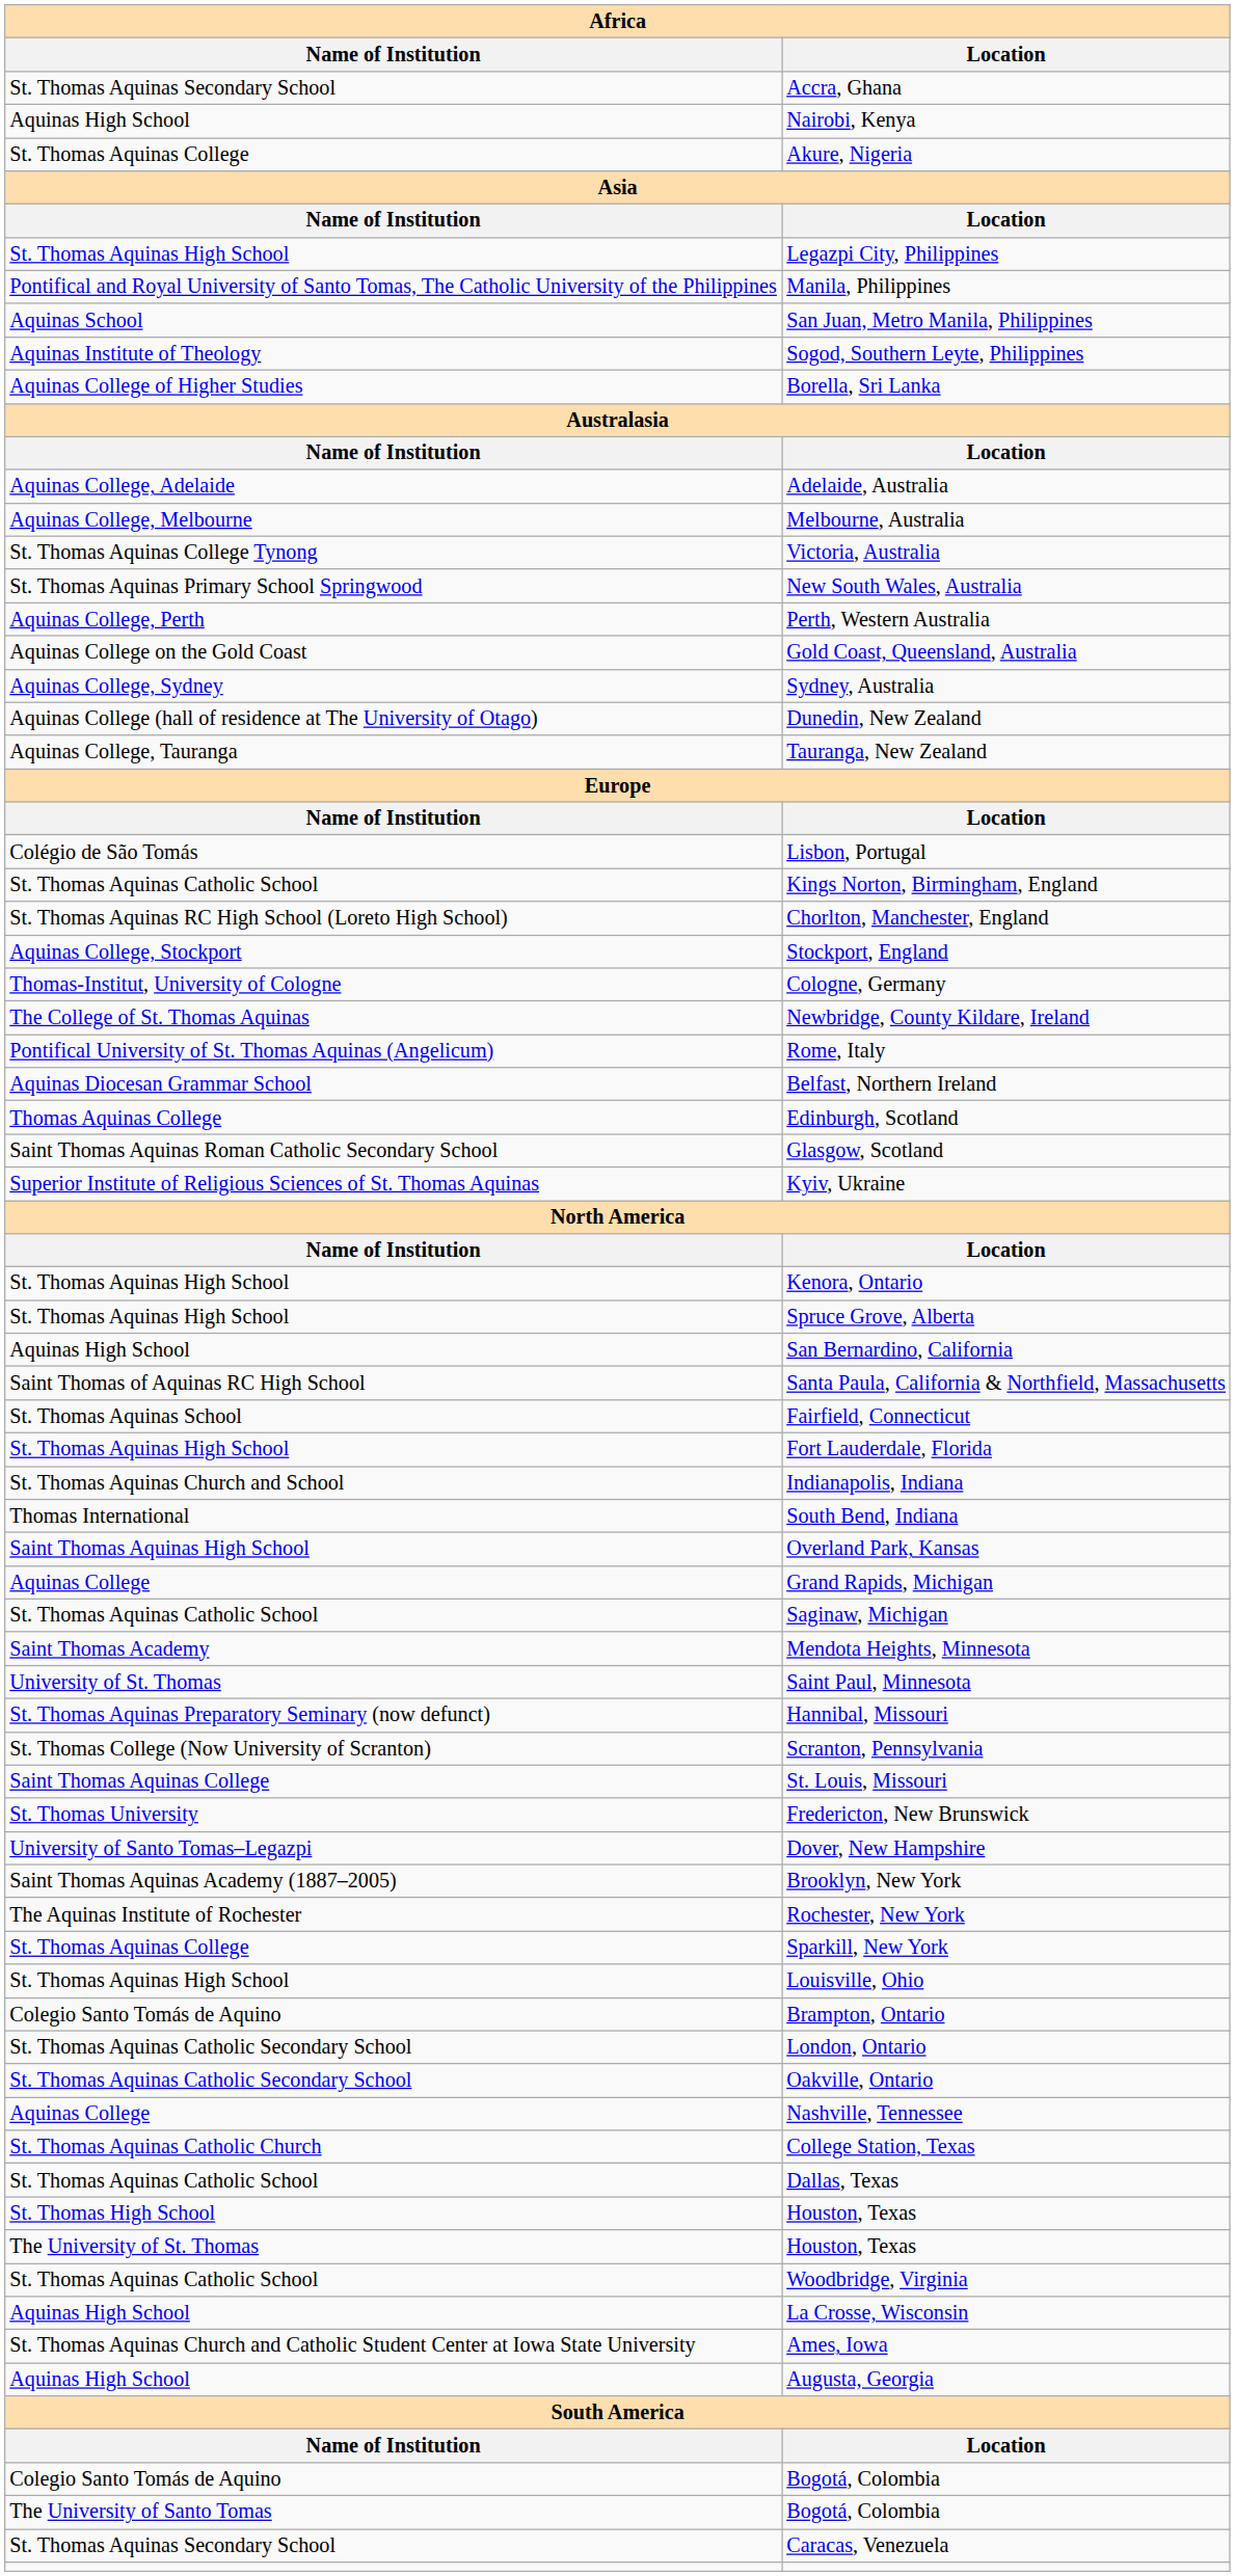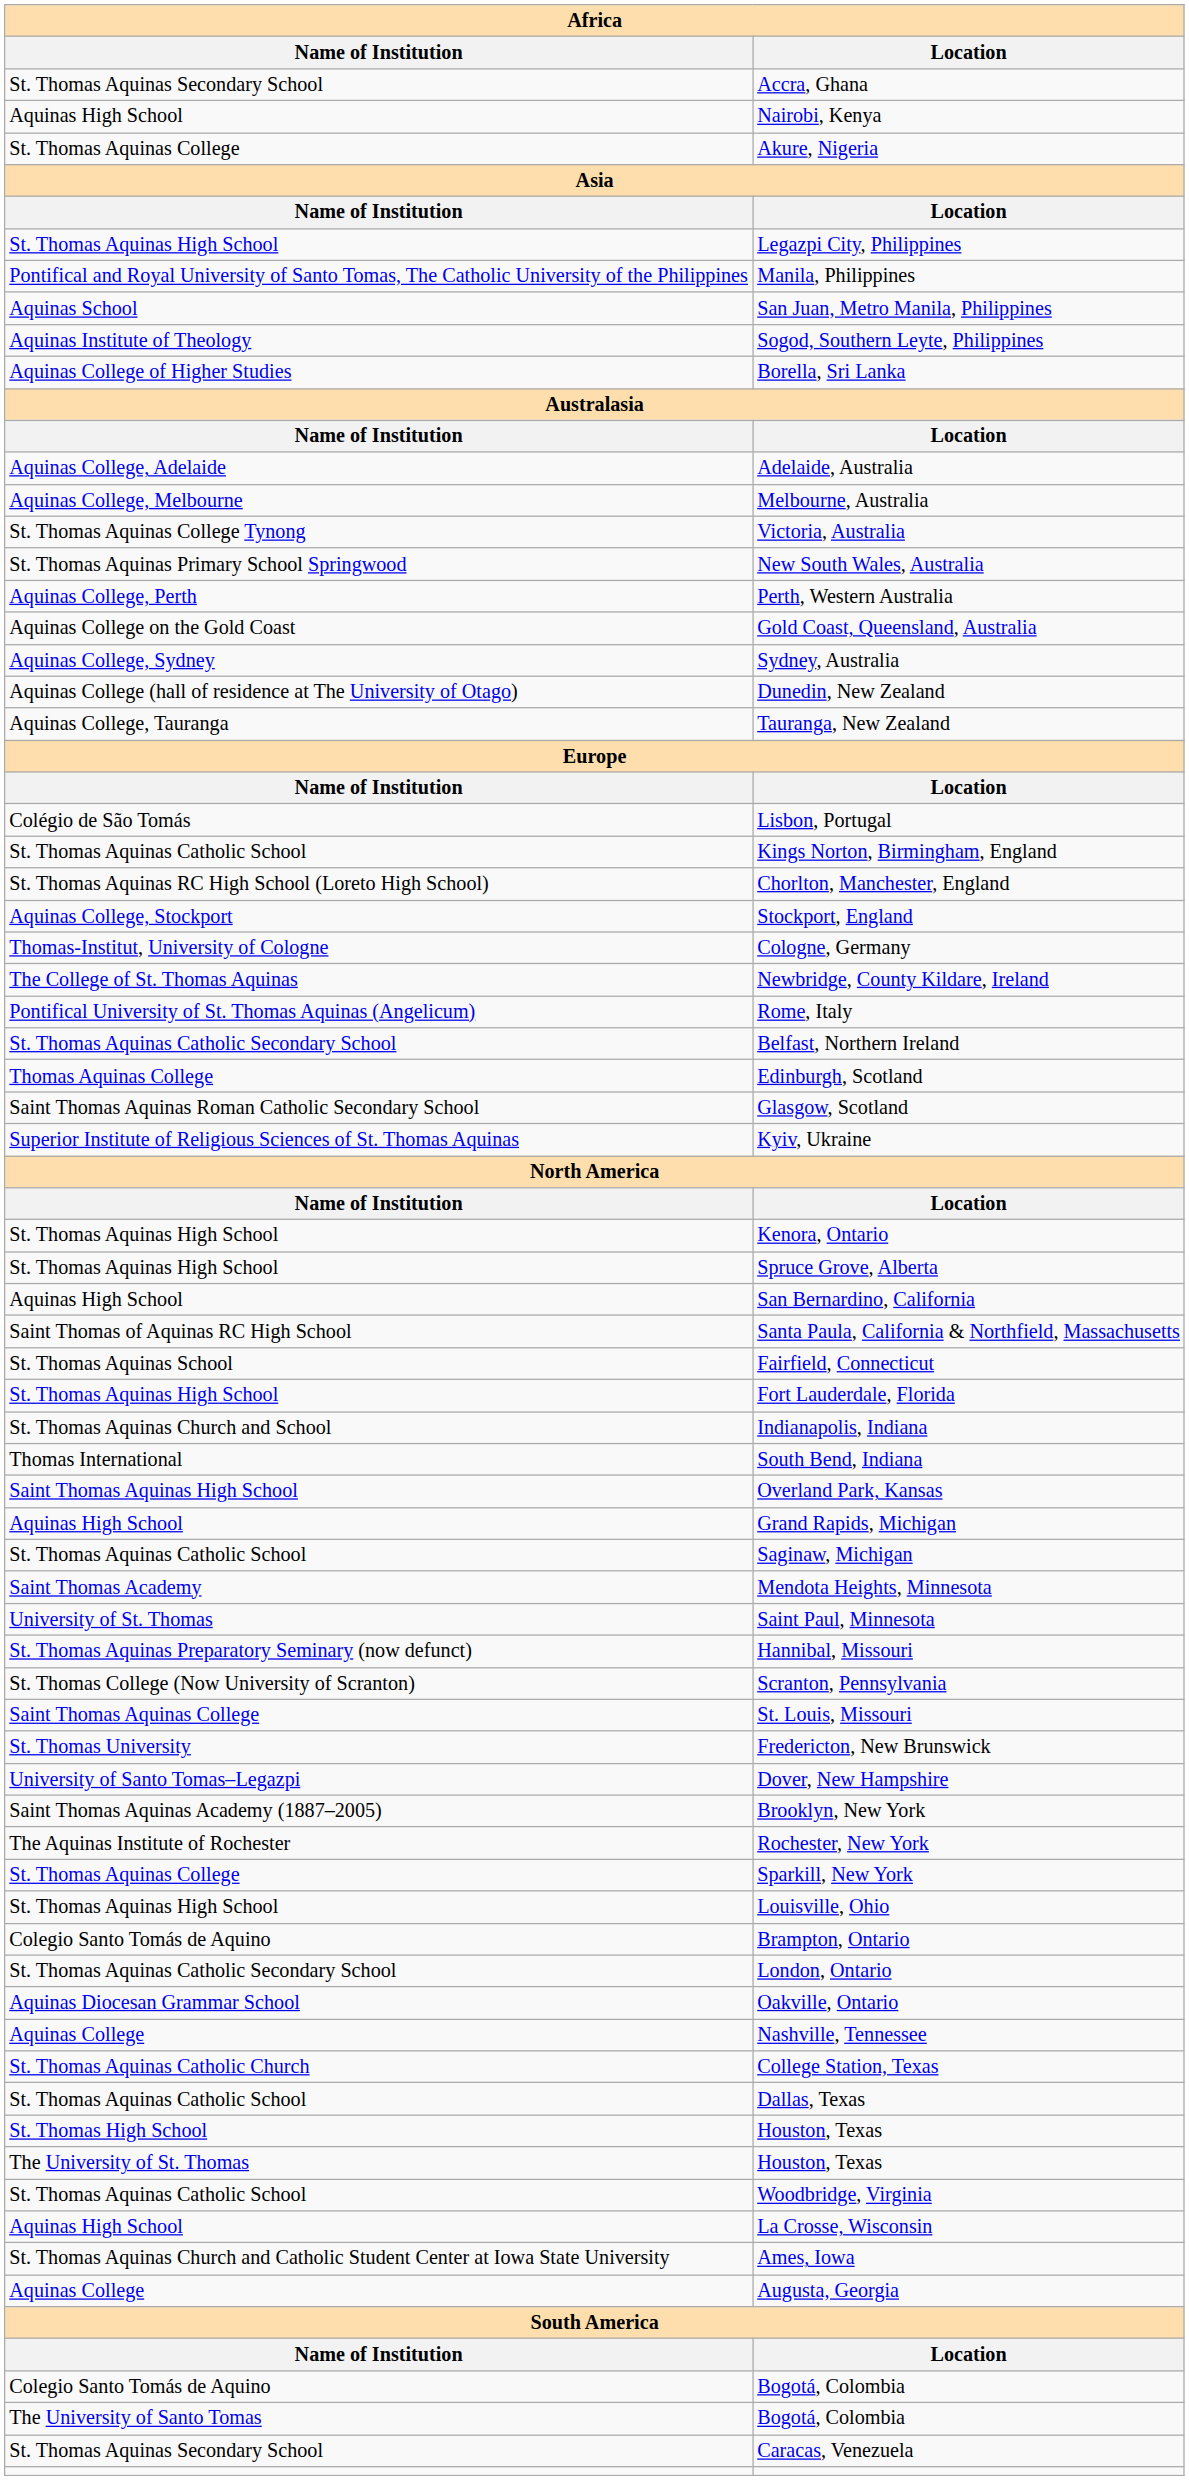 <table class="wikitable">
 <tr>
 <th colspan="2" style="background:#ffdead;">Africa</th>
 </tr>
 <tr>
 <th>Name of Institution</th>
 <th>Location</th>
 </tr>
 <tr St. Thomas Aquinas Secondary School Nwofe, Abakaliki, Ebonyi, Nigeria>
 <td>St. Thomas Aquinas Secondary School</td>
 <td><a href='#'>Accra</a>, Ghana</td>
 </tr>
 <tr>
 <td>Aquinas High School</td>
 <td><a href='#'>Nairobi</a>, Kenya</td>
 </tr>
 <tr>
 <td>St. Thomas Aquinas College</td>
 <td><a href='#'>Akure</a>, <a href='#'>Nigeria</a></td>
 </tr>
 <tr>
 <th colspan="2" style="background:#ffdead;">Asia</th>
 </tr>
 <tr>
 <th>Name of Institution</th>
 <th>Location</th>
 </tr>
 <tr>
 <td><a href='#'>St. Thomas Aquinas High School</a></td>
 <td><a href='#'>Legazpi City</a>, <a href='#'>Philippines</a></td>
 </tr>
 <tr>
 <td><a href='#'>Pontifical and Royal University of Santo Tomas, The Catholic University of the Philippines</a></td>
 <td><a href='#'>Manila</a>, Philippines</td>
 </tr>
 <tr>
 <td><a href='#'>Aquinas School</a></td>
 <td><a href='#'>San Juan, Metro Manila</a>, <a href='#'>Philippines</a></td>
 </tr>
 <tr>
 <td><a href='#'>Aquinas Institute of Theology</a></td>
 <td><a href='#'>Sogod, Southern Leyte</a>, <a href='#'>Philippines</a></td>
 </tr>
 <tr>
 <td><a href='#'>Aquinas College of Higher Studies</a></td>
 <td><a href='#'>Borella</a>, <a href='#'>Sri Lanka</a></td>
 </tr>
 <tr>
 <th colspan="2" style="background:#ffdead;">Australasia</th>
 </tr>
 <tr>
 <th>Name of Institution</th>
 <th>Location</th>
 </tr>
 <tr>
 <td><a href='#'>Aquinas College, Adelaide</a></td>
 <td><a href='#'>Adelaide</a>, Australia</td>
 </tr>
 <tr>
 <td><a href='#'>Aquinas College, Melbourne</a></td>
 <td><a href='#'>Melbourne</a>, Australia</td>
 </tr>
 <tr>
 <td>St. Thomas Aquinas College <a href='#'>Tynong</a></td>
 <td><a href='#'>Victoria</a>, <a href='#'>Australia</a></td>
 </tr>
 <tr>
 <td>St. Thomas Aquinas Primary School <a href='#'>Springwood</a></td>
 <td><a href='#'>New South Wales</a>, <a href='#'>Australia</a></td>
 </tr>
 <tr>
 <td><a href='#'>Aquinas College, Perth</a></td>
 <td><a href='#'>Perth</a>, Western Australia</td>
 </tr>
 <tr>
 <td>Aquinas College on the Gold Coast</td>
 <td><a href='#'>Gold Coast, Queensland</a>, <a href='#'>Australia</a></td>
 </tr>
 <tr>
 <td><a href='#'>Aquinas College, Sydney</a></td>
 <td><a href='#'>Sydney</a>, Australia</td>
 </tr>
 <tr>
 <td>Aquinas College (hall of residence at The <a href='#'>University of Otago</a>)</td>
 <td><a href='#'>Dunedin</a>, New Zealand</td>
 </tr>
 <tr>
 <td>Aquinas College, Tauranga</td>
 <td><a href='#'>Tauranga</a>, New Zealand</td>
 </tr>
 <tr>
 <th colspan="2" style="background:#ffdead;">Europe</th>
 </tr>
 <tr>
 <th>Name of Institution</th>
 <th>Location</th>
 </tr>
 <tr>
 <td>Colégio de São Tomás</td>
 <td><a href='#'>Lisbon</a>, Portugal</td>
 </tr>
 <tr>
 <td>St. Thomas Aquinas Catholic School</td>
 <td><a href='#'>Kings Norton</a>, <a href='#'>Birmingham</a>, England</td>
 </tr>
 <tr>
 <td>St. Thomas Aquinas RC High School (Loreto High School)</td>
 <td><a href='#'>Chorlton</a>, <a href='#'>Manchester</a>, England</td>
 </tr>
 <tr>
 <td><a href='#'>Aquinas College, Stockport</a></td>
 <td><a href='#'>Stockport</a>, <a href='#'>England</a></td>
 </tr>
 <tr>
 <td><a href='#'>Thomas-Institut</a>, <a href='#'>University of Cologne</a></td>
 <td><a href='#'>Cologne</a>, Germany</td>
 </tr>
 <tr>
 <td><a href='#'>The College of St. Thomas Aquinas</a></td>
 <td><a href='#'>Newbridge</a>, <a href='#'>County Kildare</a>, <a href='#'>Ireland</a></td>
 </tr>
 <tr>
 <td><a href='#'>Pontifical University of St. Thomas Aquinas (Angelicum)</a></td>
 <td><a href='#'>Rome</a>, Italy</td>
 </tr>
 <tr>
-<td><a href='#'>Aquinas Diocesan Grammar School</a></td>
+<td><a href='#'>St. Thomas Aquinas Catholic Secondary School</a></td>
 <td><a href='#'>Belfast</a>, Northern Ireland</td>
 </tr>
 <tr>
 <td><a href='#'>Thomas Aquinas College</a></td>
 <td><a href='#'>Edinburgh</a>, Scotland</td>
 </tr>
 <tr>
 <td>Saint Thomas Aquinas Roman Catholic Secondary School</td>
 <td><a href='#'>Glasgow</a>, Scotland</td>
 </tr>
 <tr>
 <td><a href='#'>Superior Institute of Religious Sciences of St. Thomas Aquinas</a></td>
 <td><a href='#'>Kyiv</a>, Ukraine</td>
 </tr>
 <tr>
 <th colspan="2" style="background:#ffdead;">North America</th>
 </tr>
 <tr>
 <th>Name of Institution</th>
 <th>Location</th>
 </tr>
 <tr>
 <td>St. Thomas Aquinas High School</td>
 <td><a href='#'>Kenora</a>, <a href='#'>Ontario</a></td>
 </tr>
 <tr>
 <td>St. Thomas Aquinas High School</td>
 <td><a href='#'>Spruce Grove</a>, <a href='#'>Alberta</a></td>
 </tr>
 <tr>
 <td>Aquinas High School</td>
 <td><a href='#'>San Bernardino</a>, <a href='#'>California</a></td>
 </tr>
 <tr>
 <td>Saint Thomas of Aquinas RC High School</td>
 <td><a href='#'>Santa Paula</a>, <a href='#'>California</a> & <a href='#'>Northfield</a>, <a href='#'>Massachusetts</a></td>
 </tr>
 <tr>
 <td>St. Thomas Aquinas School</td>
 <td><a href='#'>Fairfield</a>, <a href='#'>Connecticut</a></td>
 </tr>
 <tr>
 <td><a href='#'>St. Thomas Aquinas High School</a></td>
 <td><a href='#'>Fort Lauderdale</a>, <a href='#'>Florida</a></td>
 </tr>
 <tr>
 <td>St. Thomas Aquinas Church and School</td>
 <td><a href='#'>Indianapolis</a>, <a href='#'>Indiana</a></td>
 </tr>
 <tr>
 <td>Thomas International</td>
 <td><a href='#'>South Bend</a>, <a href='#'>Indiana</a></td>
 </tr>
 <tr>
 <td><a href='#'>Saint Thomas Aquinas High School</a></td>
 <td><a href='#'>Overland Park, Kansas</a></td>
 </tr>
 <tr>
-<td><a href='#'>Aquinas College</a></td>
+<td><a href='#'>Aquinas High School</a></td>
 <td><a href='#'>Grand Rapids</a>, <a href='#'>Michigan</a></td>
 </tr>
 <tr>
 <td>St. Thomas Aquinas Catholic School</td>
 <td><a href='#'>Saginaw</a>, <a href='#'>Michigan</a></td>
 </tr>
 <tr>
 <td><a href='#'>Saint Thomas Academy</a></td>
 <td><a href='#'>Mendota Heights</a>, <a href='#'>Minnesota</a></td>
 </tr>
 <tr>
 <td><a href='#'>University of St. Thomas</a></td>
 <td><a href='#'>Saint Paul</a>, <a href='#'>Minnesota</a></td>
 </tr>
 <tr>
 <td><a href='#'>St. Thomas Aquinas Preparatory Seminary</a> (now defunct)</td>
 <td><a href='#'>Hannibal</a>, <a href='#'>Missouri</a></td>
 </tr>
 <tr>
 <td>St. Thomas College (Now University of Scranton)</td>
 <td><a href='#'>Scranton</a>, <a href='#'>Pennsylvania</a></td>
 </tr>
 <tr>
 <td><a href='#'>Saint Thomas Aquinas College</a></td>
 <td><a href='#'>St. Louis</a>, <a href='#'>Missouri</a></td>
 </tr>
 <tr>
 <td><a href='#'>St. Thomas University</a></td>
 <td><a href='#'>Fredericton</a>, New Brunswick</td>
 </tr>
 <tr>
 <td><a href='#'>University of Santo Tomas–Legazpi</a></td>
 <td><a href='#'>Dover</a>, <a href='#'>New Hampshire</a></td>
 </tr>
 <tr>
 <td>Saint Thomas Aquinas Academy (1887–2005)</td>
 <td><a href='#'>Brooklyn</a>, New York</td>
 </tr>
 <tr>
 <td>The Aquinas Institute of Rochester</td>
 <td><a href='#'>Rochester</a>, <a href='#'>New York</a></td>
 </tr>
 <tr>
 <td><a href='#'>St. Thomas Aquinas College</a></td>
 <td><a href='#'>Sparkill</a>, <a href='#'>New York</a></td>
 </tr>
 <tr>
 <td>St. Thomas Aquinas High School</td>
 <td><a href='#'>Louisville</a>, <a href='#'>Ohio</a></td>
 </tr>
 <tr>
 <td>Colegio Santo Tomás de Aquino</td>
 <td><a href='#'>Brampton</a>, <a href='#'>Ontario</a></td>
 </tr>
 <tr>
 <td>St. Thomas Aquinas Catholic Secondary School</td>
 <td><a href='#'>London</a>, <a href='#'>Ontario</a></td>
 </tr>
 <tr>
-<td><a href='#'>St. Thomas Aquinas Catholic Secondary School</a></td>
+<td><a href='#'>Aquinas Diocesan Grammar School</a></td>
 <td><a href='#'>Oakville</a>, <a href='#'>Ontario</a></td>
 </tr>
 <tr>
 <td><a href='#'>Aquinas College</a></td>
 <td><a href='#'>Nashville</a>, <a href='#'>Tennessee</a></td>
 </tr>
 <tr>
 <td><a href='#'>St. Thomas Aquinas Catholic Church</a></td>
 <td><a href='#'>College Station, Texas</a></td>
 </tr>
 <tr>
 <td>St. Thomas Aquinas Catholic School</td>
 <td><a href='#'>Dallas</a>, Texas</td>
 </tr>
 <tr>
 <td><a href='#'>St. Thomas High School</a></td>
 <td><a href='#'>Houston</a>, Texas</td>
 </tr>
 <tr>
 <td>The <a href='#'>University of St. Thomas</a></td>
 <td><a href='#'>Houston</a>, Texas</td>
 </tr>
 <tr>
 <td>St. Thomas Aquinas Catholic School</td>
 <td><a href='#'>Woodbridge</a>, <a href='#'>Virginia</a></td>
 </tr>
 <tr>
 <td><a href='#'>Aquinas High School</a></td>
 <td><a href='#'>La Crosse, Wisconsin</a></td>
 </tr>
 <tr>
 <td>St. Thomas Aquinas Church and Catholic Student Center at Iowa State University</td>
 <td><a href='#'>Ames, Iowa</a></td>
 </tr>
 <tr>
-<td><a href='#'>Aquinas High School</a></td>
+<td><a href='#'>Aquinas College</a></td>
 <td><a href='#'>Augusta, Georgia</a></td>
 </tr>
 <tr>
 <th colspan="2" style="background:#ffdead;">South America</th>
 </tr>
 <tr>
 <th>Name of Institution</th>
 <th>Location</th>
 </tr>
 <tr>
 <td>Colegio Santo Tomás de Aquino</td>
 <td><a href='#'>Bogotá</a>, Colombia</td>
 </tr>
 <tr>
 <td>The <a href='#'>University of Santo Tomas</a></td>
 <td><a href='#'>Bogotá</a>, Colombia</td>
 </tr>
 <tr>
 <td>St. Thomas Aquinas Secondary School</td>
 <td><a href='#'>Caracas</a>, Venezuela</td>
 </tr>
 <tr>
 <td></td>
 </tr>
 </table>
